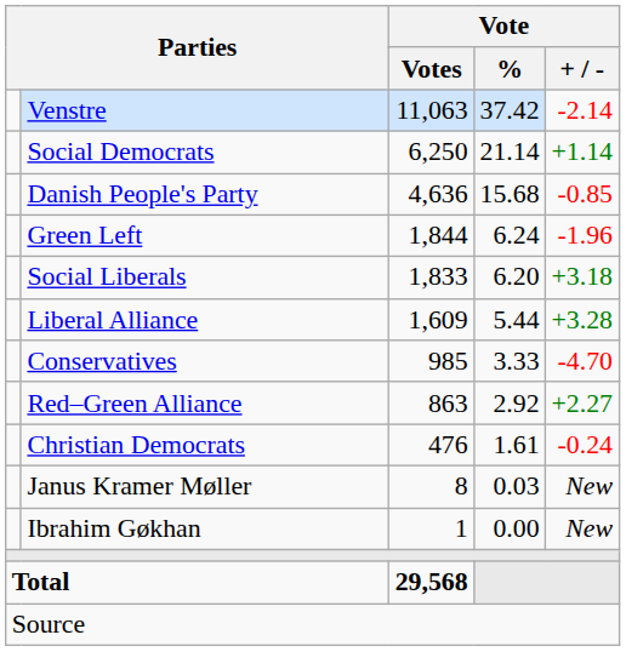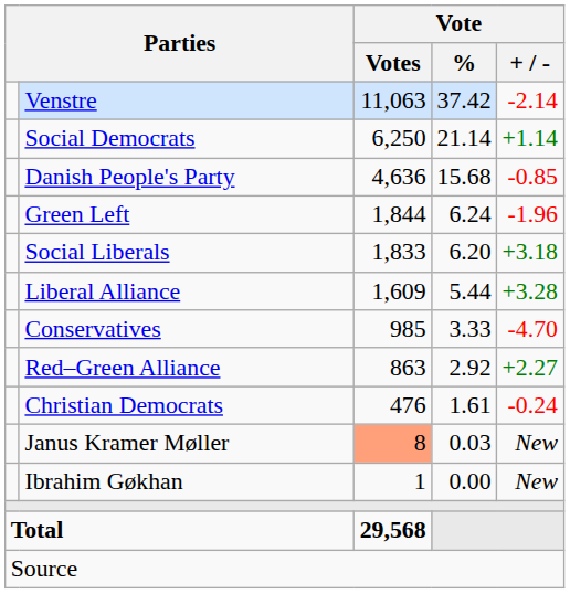 <table class="wikitable" style="text-align:right;">
 <tr>
 <th style="text-align:centre;" rowspan="2" colspan="2" width="225">Parties</th>
 <th colspan="3">Vote</th>
 </tr>
 <tr>
 <th width="15">Votes</th>
 <th width="15">%</th>
 <th width="15">+ / -</th>
 </tr>
 <tr>
 <td width="2" style="color:inherit;background:"></td>
 <td bgcolor=#cfe5fe  align="left"><a href='#'>Venstre</a></td>
 <td bgcolor=#cfe5fe>11,063</td>
 <td bgcolor=#cfe5fe>37.42</td>
 <td style=color:red;>-2.14</td>
 </tr>
 <tr>
 <td width="2" style="color:inherit;background:"></td>
 <td align="left"><a href='#'>Social Democrats</a></td>
 <td>6,250</td>
 <td>21.14</td>
 <td style=color:green;>+1.14</td>
 </tr>
 <tr>
 <td width="2" style="color:inherit;background:"></td>
 <td align="left"><a href='#'>Danish People's Party</a></td>
 <td>4,636</td>
 <td>15.68</td>
 <td style=color:red;>-0.85</td>
 </tr>
 <tr>
 <td width="2" style="color:inherit;background:"></td>
 <td align="left"><a href='#'>Green Left</a></td>
 <td>1,844</td>
 <td>6.24</td>
 <td style=color:red;>-1.96</td>
 </tr>
 <tr>
 <td width="2" style="color:inherit;background:"></td>
 <td align="left"><a href='#'>Social Liberals</a></td>
 <td>1,833</td>
 <td>6.20</td>
 <td style=color:green;>+3.18</td>
 </tr>
 <tr>
 <td width="2" style="color:inherit;background:"></td>
 <td align="left"><a href='#'>Liberal Alliance</a></td>
 <td>1,609</td>
 <td>5.44</td>
 <td style=color:green;>+3.28</td>
 </tr>
 <tr>
 <td width="2" style="color:inherit;background:"></td>
 <td align="left"><a href='#'>Conservatives</a></td>
 <td>985</td>
 <td>3.33</td>
 <td style=color:red;>-4.70</td>
 </tr>
 <tr>
 <td width="2" style="color:inherit;background:"></td>
 <td align="left"><a href='#'>Red–Green Alliance</a></td>
 <td>863</td>
 <td>2.92</td>
 <td style=color:green;>+2.27</td>
 </tr>
 <tr>
 <td width="2" style="color:inherit;background:"></td>
 <td align="left"><a href='#'>Christian Democrats</a></td>
 <td>476</td>
 <td>1.61</td>
 <td style=color:red;>-0.24</td>
 </tr>
 <tr>
 <td width="2" style="color:inherit;background:"></td>
 <td align="left">Janus Kramer Møller</td>
-<td>8</td>
+<td style="background: lightsalmon;">8</td>
 <td>0.03</td>
 <td><em>New</em></td>
 </tr>
 <tr>
 <td width="2" style="color:inherit;background:"></td>
 <td align="left">Ibrahim Gøkhan</td>
 <td>1</td>
 <td>0.00</td>
 <td><em>New</em></td>
 </tr>
 <tr>
 <td colspan="7" bgcolor="#E9E9E9"></td>
 </tr>
 <tr>
 <td align="left" colspan="2"><strong>Total</strong></td>
 <td><strong>29,568</strong></td>
 <td bgcolor="#E9E9E9" colspan="2"></td>
 </tr>
 <tr>
 <td align="left" colspan="6">Source</td>
 </tr>
 </table>
